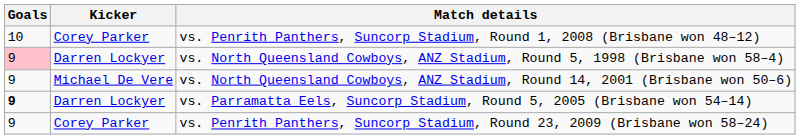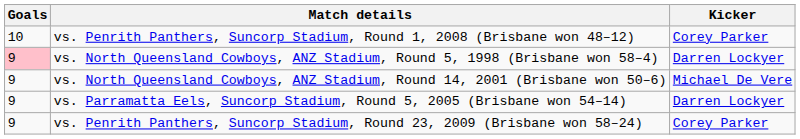 <table class="wikitable">
 <tr>
 <th>Goals</th>
+<th>Match details</th>
 <th>Kicker</th>
-<th>Match details</th>
 </tr>
 <tr>
 <td>10</td>
+<td>vs. <a href='#'>Penrith Panthers</a>, <a href='#'>Suncorp Stadium</a>, Round 1, 2008 (Brisbane won 48–12)</td>
 <td><a href='#'>Corey Parker</a></td>
-<td>vs. <a href='#'>Penrith Panthers</a>, <a href='#'>Suncorp Stadium</a>, Round 1, 2008 (Brisbane won 48–12)</td>
 </tr>
 <tr>
 <td style="background: pink;">9</td>
+<td>vs. <a href='#'>North Queensland Cowboys</a>, <a href='#'>ANZ Stadium</a>, Round 5, 1998 (Brisbane won 58–4)</td>
 <td><a href='#'>Darren Lockyer</a></td>
-<td>vs. <a href='#'>North Queensland Cowboys</a>, <a href='#'>ANZ Stadium</a>, Round 5, 1998 (Brisbane won 58–4)</td>
 </tr>
 <tr>
 <td>9</td>
+<td>vs. <a href='#'>North Queensland Cowboys</a>, <a href='#'>ANZ Stadium</a>, Round 14, 2001 (Brisbane won 50–6)</td>
 <td><a href='#'>Michael De Vere</a></td>
-<td>vs. <a href='#'>North Queensland Cowboys</a>, <a href='#'>ANZ Stadium</a>, Round 14, 2001 (Brisbane won 50–6)</td>
-</tr>
-<tr>
-<td><strong>9</strong></td>
-<td><a href='#'>Darren Lockyer</a></td>
-<td>vs. <a href='#'>Parramatta Eels</a>, <a href='#'>Suncorp Stadium</a>, Round 5, 2005 (Brisbane won 54–14)</td>
 </tr>
 <tr>
 <td>9</td>
+<td>vs. <a href='#'>Parramatta Eels</a>, <a href='#'>Suncorp Stadium</a>, Round 5, 2005 (Brisbane won 54–14)</td>
+<td><a href='#'>Darren Lockyer</a></td>
+</tr>
+<tr>
+<td>9</td>
+<td>vs. <a href='#'>Penrith Panthers</a>, <a href='#'>Suncorp Stadium</a>, Round 23, 2009 (Brisbane won 58–24)</td>
 <td><a href='#'>Corey Parker</a></td>
-<td>vs. <a href='#'>Penrith Panthers</a>, <a href='#'>Suncorp Stadium</a>, Round 23, 2009 (Brisbane won 58–24)</td>
 </tr>
 </table>
